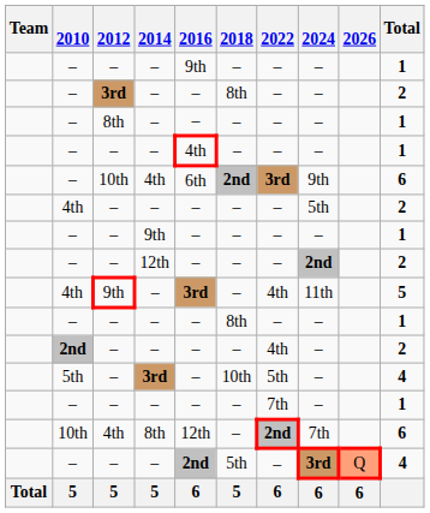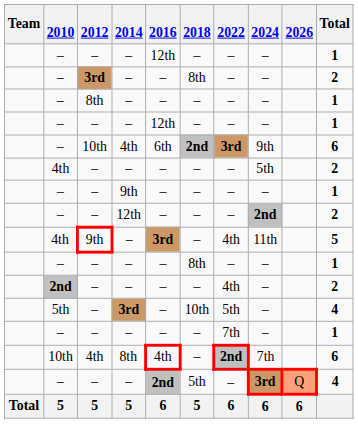 <table class="wikitable" style="text-align:center; font-size:90%">
 <tr>
 <th>Team</th>
 <th><br><a href='#'>2010</a></th>
 <th><br><a href='#'>2012</a></th>
 <th><br><a href='#'>2014</a></th>
 <th><br><a href='#'>2016</a></th>
 <th><br><a href='#'>2018</a></th>
 <th><br><a href='#'>2022</a></th>
 <th><br><a href='#'>2024</a></th>
 <th><br><a href='#'>2026</a></th>
 <th>Total</th>
 </tr>
 <tr>
 <td align=left></td>
 <td>–</td>
 <td>–</td>
 <td>–</td>
-<td>9th</td>
+<td>12th</td>
 <td>–</td>
 <td>–</td>
 <td>–</td>
 <td></td>
 <td><strong>1</strong></td>
 </tr>
 <tr>
 <td align=left></td>
 <td>–</td>
 <td bgcolor="#cc9966"><strong>3rd</strong></td>
 <td>–</td>
 <td>–</td>
 <td>8th</td>
 <td>–</td>
 <td>–</td>
 <td></td>
 <td><strong>2</strong></td>
 </tr>
 <tr>
 <td align=left></td>
 <td>–</td>
 <td>8th</td>
 <td>–</td>
 <td>–</td>
 <td>–</td>
 <td>–</td>
 <td>–</td>
 <td></td>
 <td><strong>1</strong></td>
 </tr>
 <tr>
 <td align=left></td>
 <td>–</td>
 <td>–</td>
 <td>–</td>
-<td style="border: 3px solid red">4th</td>
+<td>12th</td>
 <td>–</td>
 <td>–</td>
 <td>–</td>
 <td></td>
 <td><strong>1</strong></td>
 </tr>
 <tr>
 <td align=left></td>
 <td>–</td>
 <td>10th</td>
 <td>4th</td>
 <td>6th</td>
 <td bgcolor=silver><strong>2nd</strong></td>
 <td bgcolor="#cc9966"><strong>3rd</strong></td>
 <td>9th</td>
 <td></td>
 <td><strong>6</strong></td>
 </tr>
 <tr>
 <td align=left></td>
 <td>4th</td>
 <td>–</td>
 <td>–</td>
 <td>–</td>
 <td>–</td>
 <td>–</td>
 <td>5th</td>
 <td></td>
 <td><strong>2</strong></td>
 </tr>
 <tr>
 <td align=left></td>
 <td>–</td>
 <td>–</td>
 <td>9th</td>
 <td>–</td>
 <td>–</td>
 <td>–</td>
 <td>–</td>
 <td></td>
 <td><strong>1</strong></td>
 </tr>
 <tr>
 <td align=left></td>
 <td>–</td>
 <td>–</td>
 <td>12th</td>
 <td>–</td>
 <td>–</td>
 <td>–</td>
 <td bgcolor=silver><strong>2nd</strong></td>
 <td></td>
 <td><strong>2</strong></td>
 </tr>
 <tr>
 <td align=left></td>
 <td>4th</td>
 <td style="border: 3px solid red">9th</td>
 <td>–</td>
 <td bgcolor="#cc9966"><strong>3rd</strong></td>
 <td>–</td>
 <td>4th</td>
 <td>11th</td>
 <td></td>
 <td><strong>5</strong></td>
 </tr>
 <tr>
 <td align=left></td>
 <td>–</td>
 <td>–</td>
 <td>–</td>
 <td>–</td>
 <td>8th</td>
 <td>–</td>
 <td>–</td>
 <td></td>
 <td><strong>1</strong></td>
 </tr>
 <tr>
 <td align=left></td>
 <td bgcolor=silver><strong>2nd</strong></td>
 <td>–</td>
 <td>–</td>
 <td>–</td>
 <td>–</td>
 <td>4th</td>
 <td>–</td>
 <td></td>
 <td><strong>2</strong></td>
 </tr>
 <tr>
 <td align=left></td>
 <td>5th</td>
 <td>–</td>
 <td bgcolor="#cc9966"><strong>3rd</strong></td>
 <td>–</td>
 <td>10th</td>
 <td>5th</td>
 <td>–</td>
 <td></td>
 <td><strong>4</strong></td>
 </tr>
 <tr>
 <td align=left></td>
 <td>–</td>
 <td>–</td>
 <td>–</td>
 <td>–</td>
 <td>–</td>
 <td>7th</td>
 <td>–</td>
 <td></td>
 <td><strong>1</strong></td>
 </tr>
 <tr>
 <td align=left></td>
 <td>10th</td>
 <td>4th</td>
 <td>8th</td>
-<td>12th</td>
+<td style="border: 3px solid red">4th</td>
 <td>–</td>
 <td style="border: 3px solid red" bgcolor="silver"><strong>2nd</strong></td>
 <td>7th</td>
 <td></td>
 <td><strong>6</strong></td>
 </tr>
 <tr>
 <td align=left></td>
 <td>–</td>
 <td>–</td>
 <td>–</td>
 <td bgcolor="silver"><strong>2nd</strong></td>
 <td>5th</td>
 <td>–</td>
 <td style="border: 3px solid red"  bgcolor="#cc9966"><strong>3rd</strong></td>
 <td style="background: lightsalmon; border: 3px solid red">Q</td>
 <td><strong>4</strong></td>
 </tr>
 <tr>
 <th align=left>Total</th>
 <th>5</th>
 <th>5</th>
 <th>5</th>
 <th>6</th>
 <th>5</th>
 <th>6</th>
 <th>6</th>
 <th>6</th>
 <th></th>
 </tr>
 </table>
